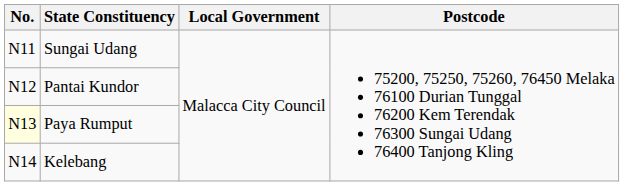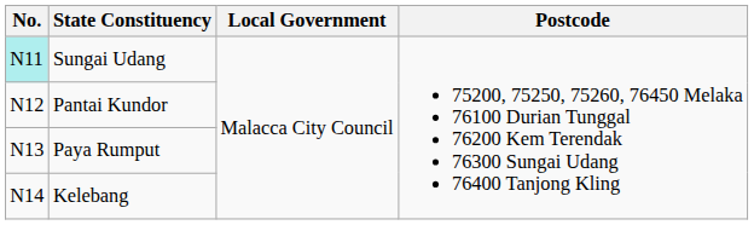 <table class="wikitable">
 <tr>
 <th>No.</th>
 <th>State Constituency</th>
 <th>Local Government</th>
 <th>Postcode</th>
 </tr>
 <tr>
-<td>N11</td>
+<td style="background: paleturquoise;">N11</td>
 <td>Sungai Udang</td>
 <td rowspan="4">Malacca City Council</td>
 <td rowspan="4"><br><ul><li>75200, 75250, 75260, 76450 Melaka</li><li>76100 Durian Tunggal</li><li>76200 Kem Terendak</li><li>76300 Sungai Udang</li><li>76400 Tanjong Kling</li></ul></td>
 </tr>
 <tr>
 <td>N12</td>
 <td>Pantai Kundor</td>
 </tr>
 <tr>
-<td style="background: lightyellow;">N13</td>
+<td>N13</td>
 <td>Paya Rumput</td>
 </tr>
 <tr>
 <td>N14</td>
 <td>Kelebang</td>
 </tr>
 </table>
